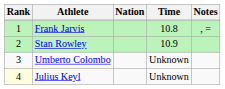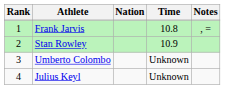 <table class="wikitable sortable" style="text-align:center">
 <tr>
 <th>Rank</th>
 <th>Athlete</th>
 <th>Nation</th>
 <th>Time</th>
 <th>Notes</th>
 </tr>
 <tr>
 </tr>
 <tr style="background:#bbf3bb;">
 <td>1</td>
 <td align=left><a href='#'>Frank Jarvis</a></td>
 <td align=left></td>
 <td>10.8</td>
 <td>, =</td>
 </tr>
 <tr style="background:#bbf3bb;">
 <td>2</td>
 <td align=left><a href='#'>Stan Rowley</a></td>
 <td align=left></td>
 <td>10.9</td>
 <td></td>
 </tr>
 <tr>
 <td>3</td>
 <td align=left><a href='#'>Umberto Colombo</a></td>
 <td align=left></td>
 <td>Unknown</td>
 <td></td>
 </tr>
 <tr>
-<td style="background: lightyellow;">4</td>
+<td>4</td>
 <td align=left><a href='#'>Julius Keyl</a></td>
 <td align=left></td>
 <td>Unknown</td>
 <td></td>
 </tr>
 </table>
